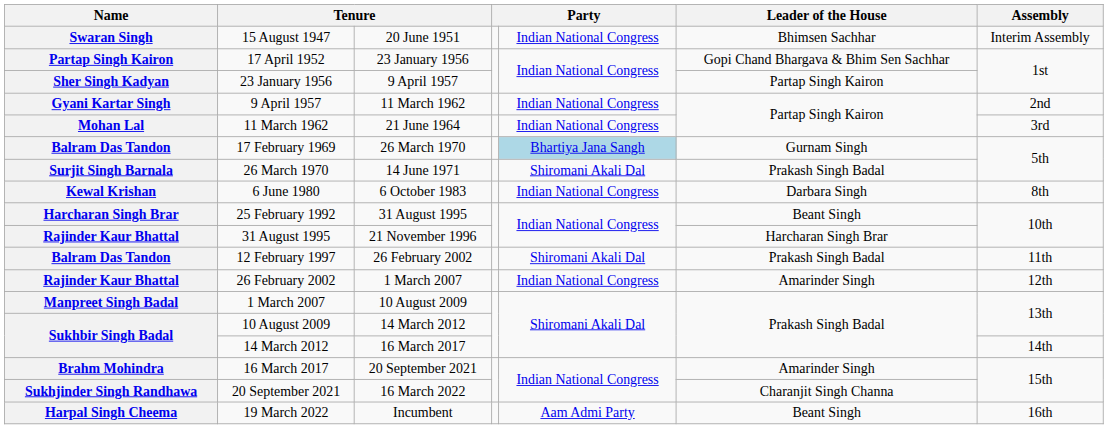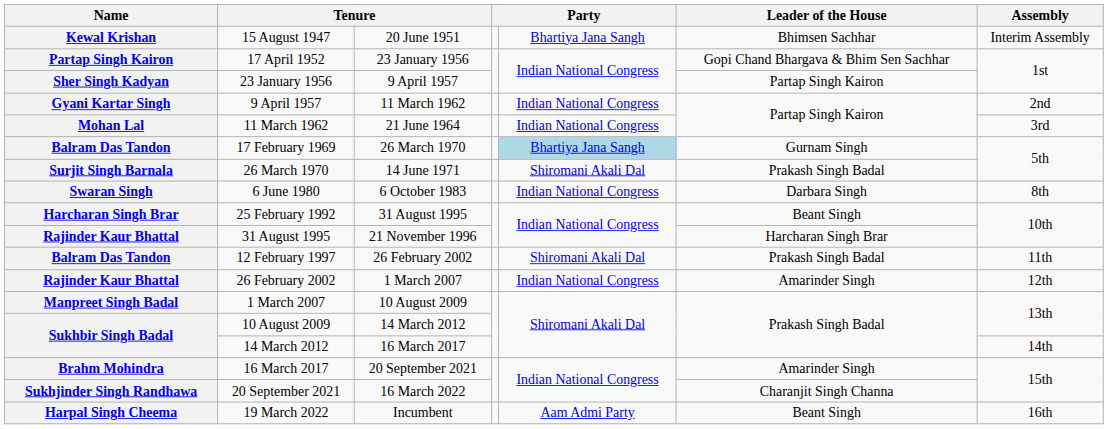 <table class="wikitable" style="width:100%; text-align:center">
 <tr>
 <th>Name</th>
 <th colspan=2>Tenure</th>
 <th colspan=2>Party</th>
 <th>Leader of the House</th>
 <th>Assembly</th>
 </tr>
 <tr>
-<th><a href='#'>Swaran Singh</a></th>
+<th><a href='#'>Kewal Krishan</a></th>
 <td>15 August 1947</td>
 <td>20 June 1951</td>
 <td style="background-color: "></td>
-<td><a href='#'>Indian National Congress</a></td>
+<td><a href='#'>Bhartiya Jana Sangh</a></td>
 <td>Bhimsen Sachhar</td>
 <td>Interim Assembly</td>
 </tr>
 <tr>
 <th><a href='#'>Partap Singh Kairon</a></th>
 <td>17 April 1952</td>
 <td>23 January 1956</td>
 <td rowspan=2 style="background-color: "></td>
 <td rowspan=2><a href='#'>Indian National Congress</a></td>
 <td>Gopi Chand Bhargava & Bhim Sen Sachhar</td>
 <td rowspan=2>1st</td>
 </tr>
 <tr>
 <th><a href='#'>Sher Singh Kadyan</a></th>
 <td>23 January 1956</td>
 <td>9 April 1957</td>
 <td>Partap Singh Kairon</td>
 </tr>
 <tr>
 <th><a href='#'>Gyani Kartar Singh</a></th>
 <td>9 April 1957</td>
 <td>11 March 1962</td>
 <td style="background-color: "></td>
 <td><a href='#'>Indian National Congress</a></td>
 <td rowspan=2>Partap Singh Kairon</td>
 <td>2nd</td>
 </tr>
 <tr>
 <th><a href='#'>Mohan Lal</a></th>
 <td>11 March 1962</td>
 <td>21 June 1964</td>
 <td style="background-color: "></td>
 <td><a href='#'>Indian National Congress</a></td>
 <td>3rd</td>
 </tr>
 <tr>
 <th><a href='#'>Balram Das Tandon</a></th>
 <td>17 February 1969</td>
 <td>26 March 1970</td>
 <td bgcolor=></td>
 <td style="background: lightblue;"><a href='#'>Bhartiya Jana Sangh</a></td>
 <td>Gurnam Singh</td>
 <td rowspan=2>5th</td>
 </tr>
 <tr>
 <th><a href='#'>Surjit Singh Barnala</a></th>
 <td>26 March 1970</td>
 <td>14 June 1971</td>
 <td style="background-color: "></td>
 <td><a href='#'>Shiromani Akali Dal</a></td>
 <td>Prakash Singh Badal</td>
 </tr>
 <tr>
-<th><a href='#'>Kewal Krishan</a></th>
+<th><a href='#'>Swaran Singh</a></th>
 <td>6 June 1980</td>
 <td>6 October 1983</td>
 <td style="background-color: "></td>
 <td><a href='#'>Indian National Congress</a></td>
 <td>Darbara Singh</td>
 <td>8th</td>
 </tr>
 <tr>
 <th><a href='#'>Harcharan Singh Brar</a></th>
 <td>25 February 1992</td>
 <td>31 August 1995</td>
 <td rowspan=2 style="background-color: "></td>
 <td rowspan=2><a href='#'>Indian National Congress</a></td>
 <td>Beant Singh</td>
 <td rowspan=2>10th</td>
 </tr>
 <tr>
 <th><a href='#'>Rajinder Kaur Bhattal</a></th>
 <td>31 August 1995</td>
 <td>21 November 1996</td>
 <td>Harcharan Singh Brar</td>
 </tr>
 <tr>
 <th><a href='#'>Balram Das Tandon</a></th>
 <td>12 February 1997</td>
 <td>26 February 2002</td>
 <td style="background-color: "></td>
 <td><a href='#'>Shiromani Akali Dal</a></td>
 <td>Prakash Singh Badal</td>
 <td>11th</td>
 </tr>
 <tr>
 <th><a href='#'>Rajinder Kaur Bhattal</a></th>
 <td>26 February 2002</td>
 <td>1 March 2007</td>
 <td style="background-color: "></td>
 <td><a href='#'>Indian National Congress</a></td>
 <td>Amarinder Singh</td>
 <td>12th</td>
 </tr>
 <tr>
 <th><a href='#'>Manpreet Singh Badal</a></th>
 <td>1 March 2007</td>
 <td>10 August 2009</td>
 <td rowspan=3 style="background-color: "></td>
 <td rowspan=3><a href='#'>Shiromani Akali Dal</a></td>
 <td rowspan=3>Prakash Singh Badal</td>
 <td rowspan=2>13th</td>
 </tr>
 <tr>
 <th rowspan=2><a href='#'>Sukhbir Singh Badal</a></th>
 <td>10 August 2009</td>
 <td>14 March 2012</td>
 </tr>
 <tr>
 <td>14 March 2012</td>
 <td>16 March 2017</td>
 <td>14th</td>
 </tr>
 <tr>
 <th><a href='#'>Brahm Mohindra</a></th>
 <td>16 March 2017</td>
 <td>20 September 2021</td>
 <td rowspan=2 style="background-color: "></td>
 <td rowspan=2><a href='#'>Indian National Congress</a></td>
 <td>Amarinder Singh</td>
 <td rowspan=2>15th</td>
 </tr>
 <tr>
 <th><a href='#'>Sukhjinder Singh Randhawa</a></th>
 <td>20 September 2021</td>
 <td>16 March 2022</td>
 <td>Charanjit Singh Channa</td>
 </tr>
 <tr>
 <th><a href='#'>Harpal Singh Cheema</a></th>
 <td>19 March 2022</td>
 <td>Incumbent</td>
 <td style="background-color: "></td>
 <td><a href='#'>Aam Admi Party</a></td>
 <td>Beant Singh</td>
 <td>16th</td>
 </tr>
 </table>
